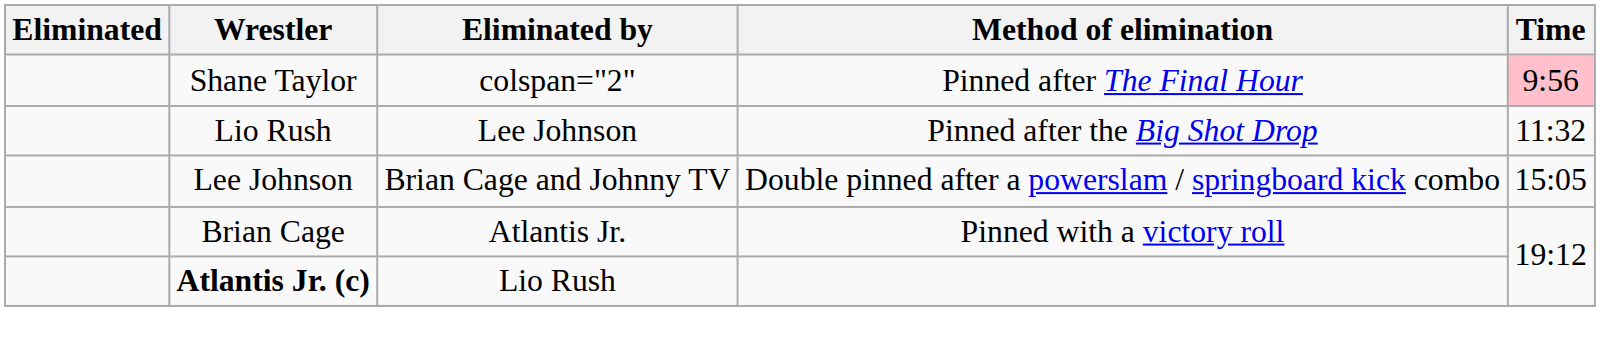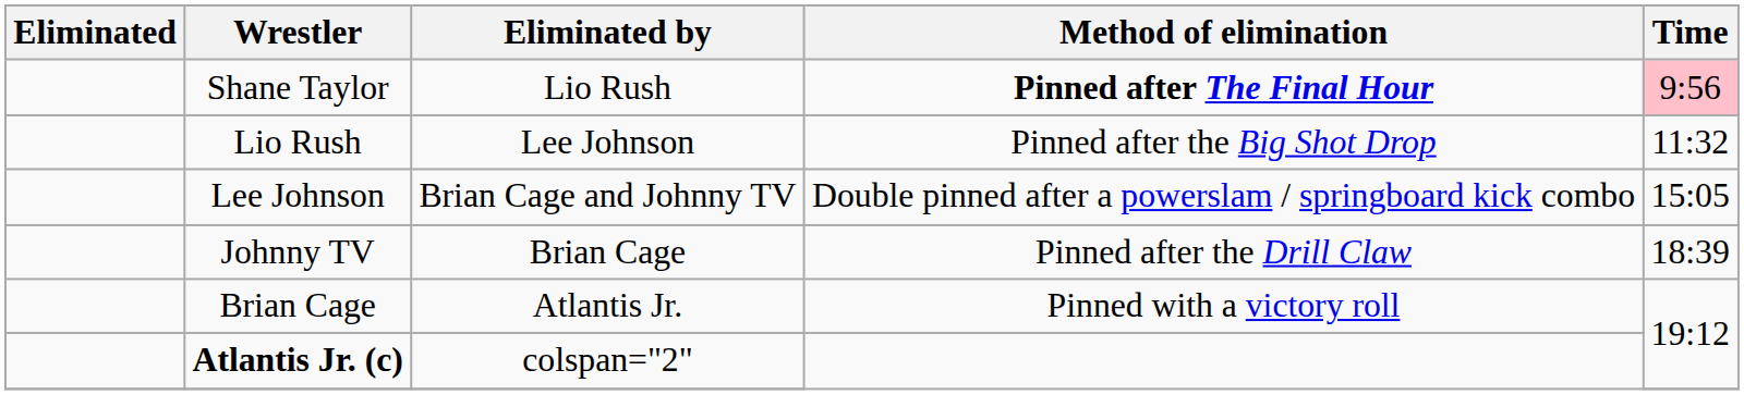 <table class="wikitable sortable" style="text-align:center;">
 <tr>
 <th>Eliminated</th>
 <th>Wrestler</th>
 <th>Eliminated by</th>
 <th>Method of elimination</th>
 <th>Time</th>
 </tr>
 <tr>
 <td></td>
 <td>Shane Taylor</td>
-<td>colspan="2" </td>
-<td>Pinned after <em><a href='#'>The Final Hour</a></em></td>
+<td>Lio Rush</td>
+<td><strong>Pinned after <em><a href='#'>The Final Hour</a></em></strong></td>
 <td style="background: pink;">9:56</td>
 </tr>
 <tr>
 <td></td>
 <td>Lio Rush</td>
 <td>Lee Johnson</td>
 <td>Pinned after the <em><a href='#'>Big Shot Drop</a></em></td>
 <td>11:32</td>
 </tr>
 <tr>
 <td></td>
 <td>Lee Johnson</td>
 <td>Brian Cage and Johnny TV</td>
 <td>Double pinned after a <a href='#'>powerslam</a> / <a href='#'>springboard kick</a> combo</td>
 <td>15:05</td>
 </tr>
 <tr>
 <td></td>
+<td>Johnny TV</td>
+<td>Brian Cage</td>
+<td>Pinned after the <em><a href='#'>Drill Claw</a></em></td>
+<td>18:39</td>
+</tr>
+<tr>
+<td></td>
 <td>Brian Cage</td>
 <td>Atlantis Jr.</td>
 <td>Pinned with a <a href='#'>victory roll</a></td>
 <td rowspan=2>19:12</td>
 </tr>
 <tr>
 <td><strong></strong></td>
 <td><strong>Atlantis Jr. (c)</strong></td>
-<td>Lio Rush</td>
+<td>colspan="2" </td>
 </tr>
 <tr>
 </tr>
 </table>
